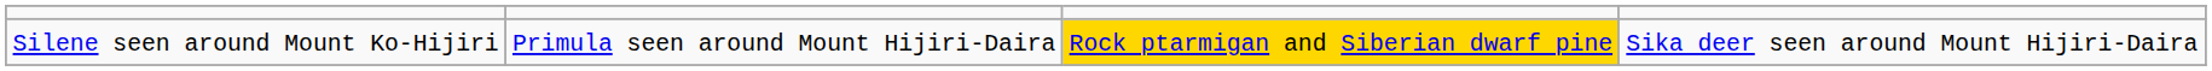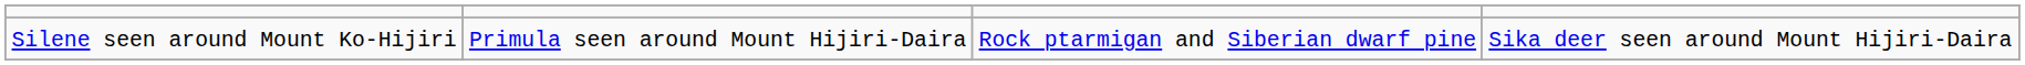 <table class="wikitable">
 <tr>
 <td></td>
 <td></td>
 <td></td>
 <td></td>
 </tr>
 <tr>
 <td><small><a href='#'>Silene</a> seen around Mount Ko-Hijiri</small></td>
 <td><small><a href='#'>Primula</a> seen around Mount Hijiri-Daira</small></td>
-<td style="background: gold;"><small><a href='#'>Rock ptarmigan</a> and <a href='#'>Siberian dwarf pine</a></small></td>
+<td><small><a href='#'>Rock ptarmigan</a> and <a href='#'>Siberian dwarf pine</a></small></td>
 <td><small><a href='#'>Sika deer</a> seen around Mount Hijiri-Daira</small></td>
 </tr>
 </table>
